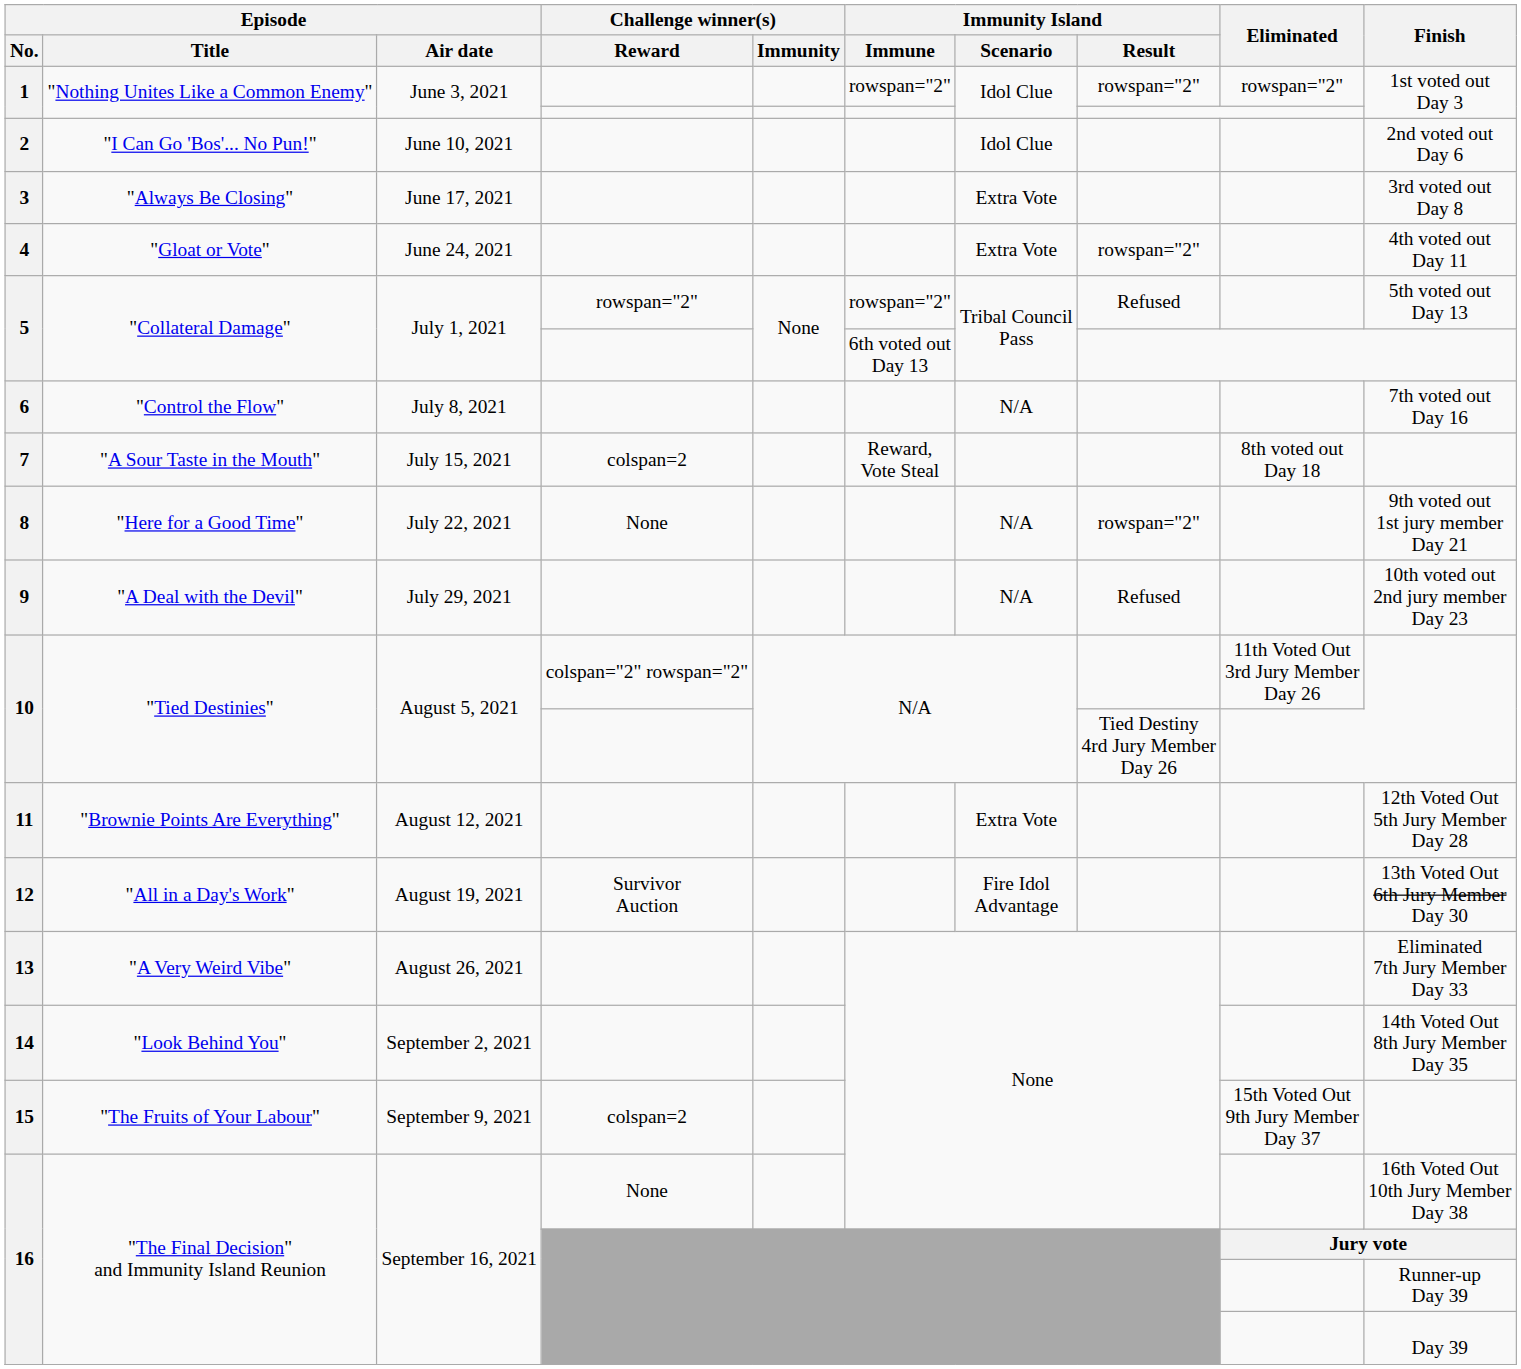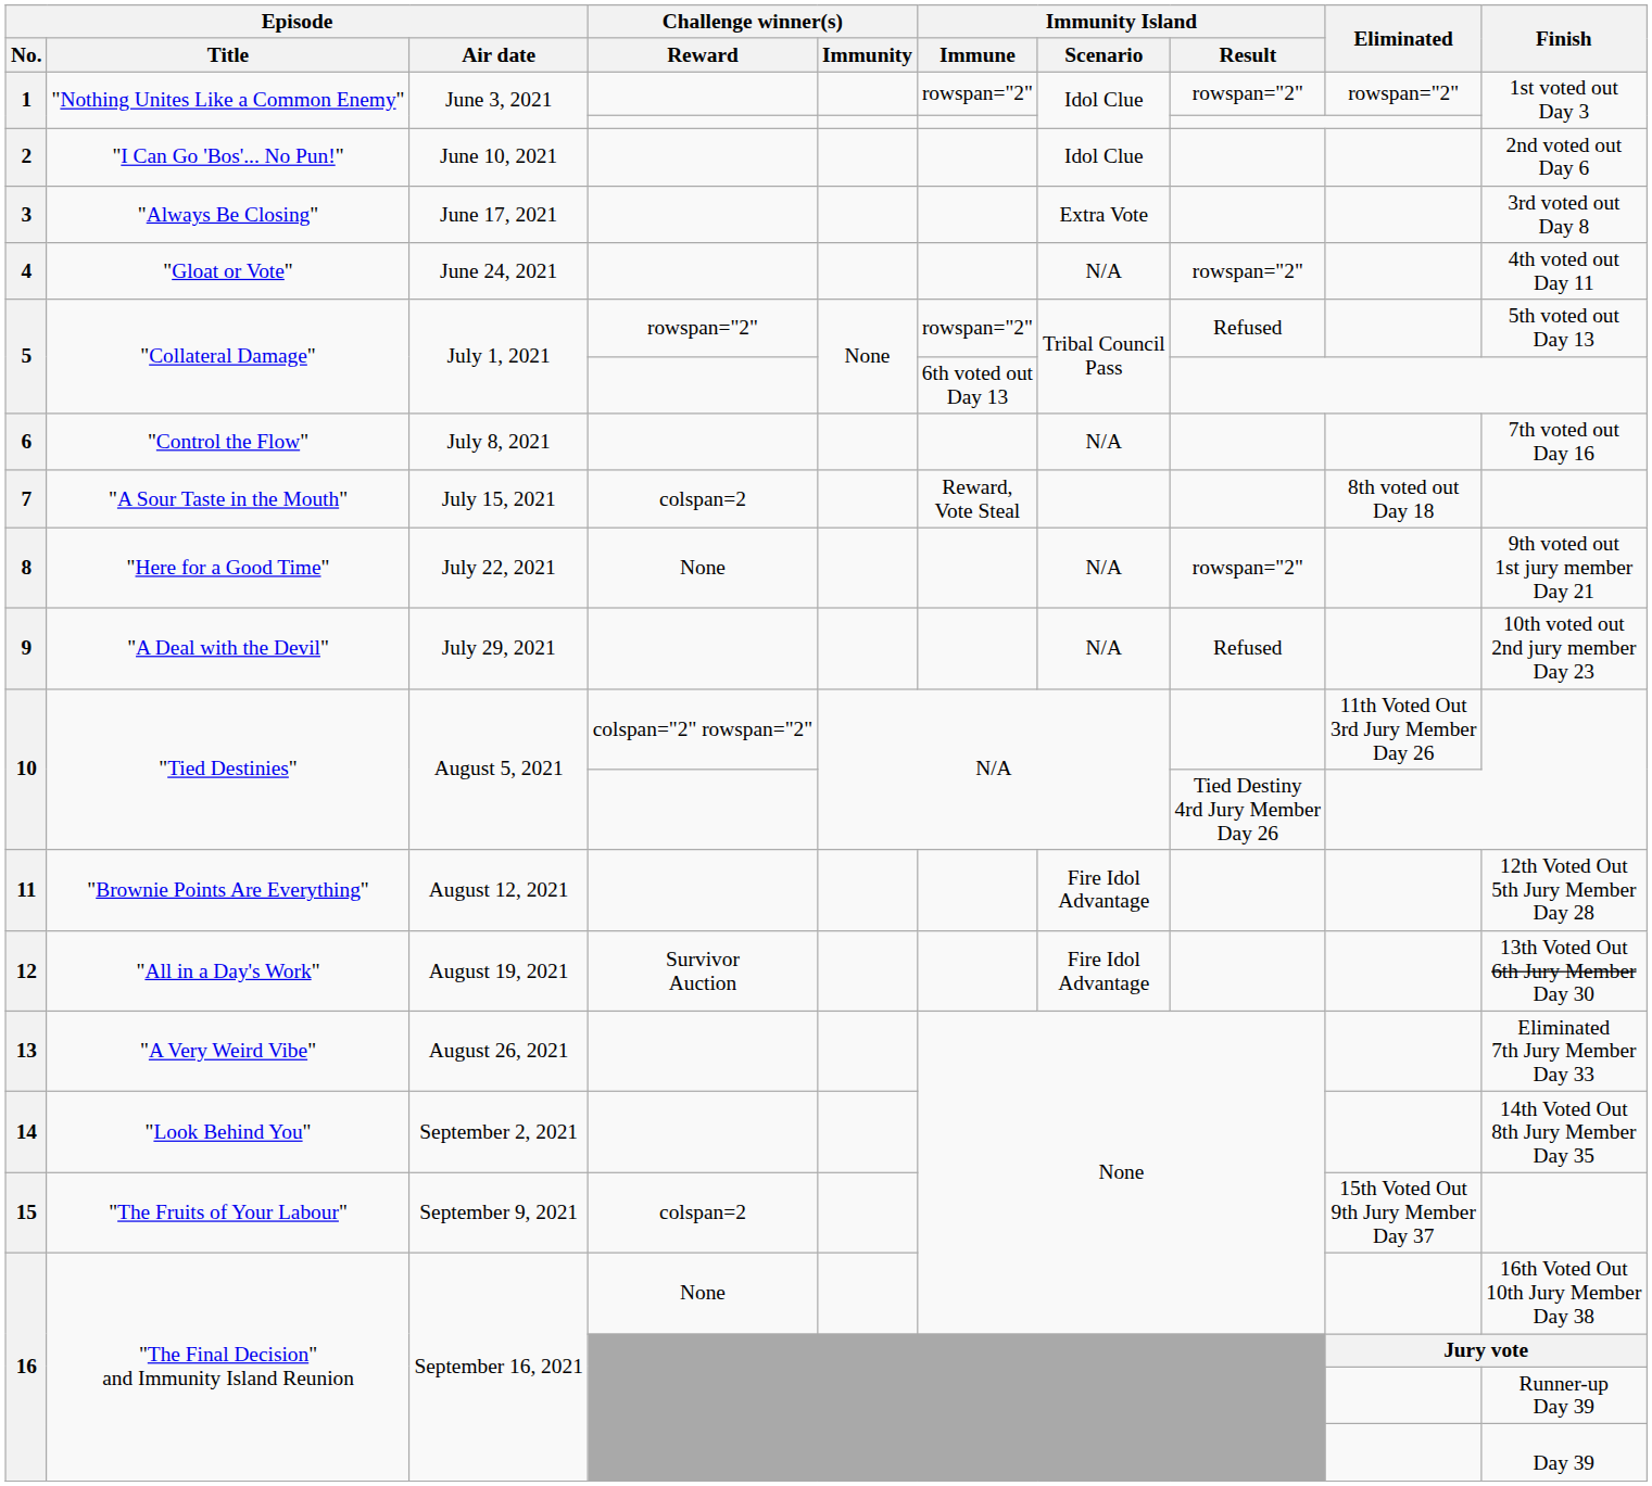 <table class="wikitable" style="margin:auto; text-align:center">
 <tr>
 <th colspan=3>Episode</th>
 <th colspan=2>Challenge winner(s)</th>
 <th colspan="3">Immunity Island</th>
 <th rowspan="2">Eliminated</th>
 <th rowspan="2">Finish</th>
 </tr>
 <tr>
 <th>No.</th>
 <th>Title</th>
 <th>Air date</th>
 <th>Reward</th>
 <th>Immunity</th>
 <th>Immune</th>
 <th>Scenario</th>
 <th>Result</th>
 </tr>
 <tr>
 <th rowspan="2">1</th>
 <td rowspan="2">"<a href='#'>Nothing Unites Like a Common Enemy</a>"</td>
 <td rowspan="2">June 3, 2021</td>
 <td></td>
 <td></td>
 <td>rowspan="2" </td>
 <td rowspan="2">Idol Clue</td>
 <td>rowspan="2" </td>
 <td>rowspan="2" </td>
 <td rowspan="2">1st voted out<br>Day 3</td>
 </tr>
 <tr>
 <td></td>
 <td></td>
 </tr>
 <tr>
 <th>2</th>
 <td>"<a href='#'>I Can Go 'Bos'... No Pun!</a>"</td>
 <td>June 10, 2021</td>
 <td></td>
 <td></td>
 <td></td>
 <td>Idol Clue</td>
 <td></td>
 <td></td>
 <td>2nd voted out<br>Day 6</td>
 </tr>
 <tr>
 <th>3</th>
 <td>"<a href='#'>Always Be Closing</a>"</td>
 <td>June 17, 2021</td>
 <td></td>
 <td></td>
 <td></td>
 <td>Extra Vote</td>
 <td></td>
 <td></td>
 <td>3rd voted out<br>Day 8</td>
 </tr>
 <tr>
 <th>4</th>
 <td>"<a href='#'>Gloat or Vote</a>"</td>
 <td>June 24, 2021</td>
 <td></td>
 <td></td>
 <td></td>
-<td>Extra Vote</td>
+<td>N/A</td>
 <td>rowspan="2" </td>
 <td></td>
 <td>4th voted out<br>Day 11</td>
 </tr>
 <tr>
 <th rowspan="2">5</th>
 <td rowspan="2">"<a href='#'>Collateral Damage</a>"</td>
 <td rowspan="2">July 1, 2021</td>
 <td>rowspan="2" </td>
 <td rowspan="2">None</td>
 <td>rowspan="2"  </td>
 <td rowspan="2">Tribal Council<br>Pass</td>
 <td>Refused</td>
 <td></td>
 <td>5th voted out<br>Day 13</td>
 </tr>
 <tr>
 <td></td>
 <td>6th voted out<br>Day 13</td>
 </tr>
 <tr>
 <th>6</th>
 <td>"<a href='#'>Control the Flow</a>"</td>
 <td>July 8, 2021</td>
 <td></td>
 <td></td>
 <td></td>
 <td>N/A</td>
 <td></td>
 <td></td>
 <td>7th voted out<br>Day 16</td>
 </tr>
 <tr>
 <th>7</th>
 <td>"<a href='#'>A Sour Taste in the Mouth</a>"</td>
 <td>July 15, 2021</td>
 <td>colspan=2 </td>
 <td></td>
 <td>Reward,<br>Vote Steal</td>
 <td></td>
 <td></td>
 <td>8th voted out<br>Day 18</td>
 </tr>
 <tr>
 <th>8</th>
 <td>"<a href='#'>Here for a Good Time</a>"</td>
 <td>July 22, 2021</td>
 <td>None</td>
 <td></td>
 <td></td>
 <td>N/A</td>
 <td>rowspan="2" </td>
 <td></td>
 <td>9th voted out<br>1st jury member<br>Day 21</td>
 </tr>
 <tr>
 <th>9</th>
 <td>"<a href='#'>A Deal with the Devil</a>"</td>
 <td>July 29, 2021</td>
 <td></td>
 <td></td>
 <td></td>
 <td>N/A</td>
 <td>Refused</td>
 <td></td>
 <td>10th voted out<br>2nd jury member<br>Day 23</td>
 </tr>
 <tr>
 <th rowspan=2>10</th>
 <td rowspan="2">"<a href='#'>Tied Destinies</a>"</td>
 <td rowspan="2">August 5, 2021</td>
 <td>colspan="2" rowspan="2" </td>
 <td colspan="3" rowspan="2">N/A</td>
 <td></td>
 <td>11th Voted Out<br>3rd Jury Member<br>Day 26</td>
 </tr>
 <tr>
 <td></td>
 <td>Tied Destiny<br>4rd Jury Member<br>Day 26</td>
 </tr>
 <tr>
 <th>11</th>
 <td>"<a href='#'>Brownie Points Are Everything</a>"</td>
 <td>August 12, 2021</td>
 <td></td>
 <td></td>
 <td></td>
-<td>Extra Vote</td>
+<td rowspan="1">Fire Idol<br>Advantage</td>
 <td></td>
 <td></td>
 <td>12th Voted Out<br>5th Jury Member<br>Day 28</td>
 </tr>
 <tr>
 <th>12</th>
 <td>"<a href='#'>All in a Day's Work</a>"</td>
 <td>August 19, 2021</td>
 <td>Survivor<br>Auction</td>
 <td></td>
 <td></td>
 <td rowspan="1">Fire Idol<br>Advantage</td>
 <td></td>
 <td></td>
 <td>13th Voted Out<br><s>6th Jury Member</s><br>Day 30</td>
 </tr>
 <tr>
 <th>13</th>
 <td>"<a href='#'>A Very Weird Vibe</a>"</td>
 <td>August 26, 2021</td>
 <td></td>
 <td></td>
 <td colspan="3" rowspan="4">None</td>
 <td></td>
 <td>Eliminated<br>7th Jury Member<br>Day 33</td>
 </tr>
 <tr>
 <th>14</th>
 <td>"<a href='#'>Look Behind You</a>"</td>
 <td>September 2, 2021</td>
 <td></td>
 <td></td>
 <td></td>
 <td>14th Voted Out<br>8th Jury Member<br>Day 35</td>
 </tr>
 <tr>
 <th>15</th>
 <td>"<a href='#'>The Fruits of Your Labour</a>"</td>
 <td>September 9, 2021</td>
 <td>colspan=2 </td>
 <td></td>
 <td>15th Voted Out<br>9th Jury Member<br>Day 37</td>
 </tr>
 <tr>
 <th rowspan="4">16</th>
 <td rowspan="4">"<a href='#'>The Final Decision</a>"<br>and Immunity Island Reunion</td>
 <td rowspan="4">September 16, 2021</td>
 <td>None</td>
 <td></td>
 <td></td>
 <td>16th Voted Out<br>10th Jury Member<br>Day 38</td>
 </tr>
 <tr>
 <td colspan="5" rowspan="3" bgcolor="darkgray"></td>
 <th colspan="2"><strong>Jury vote</strong></th>
 </tr>
 <tr>
 <td></td>
 <td>Runner-up<br>Day 39</td>
 </tr>
 <tr>
 <td></td>
 <td><br>Day 39</td>
 </tr>
 <tr>
 </tr>
 </table>
